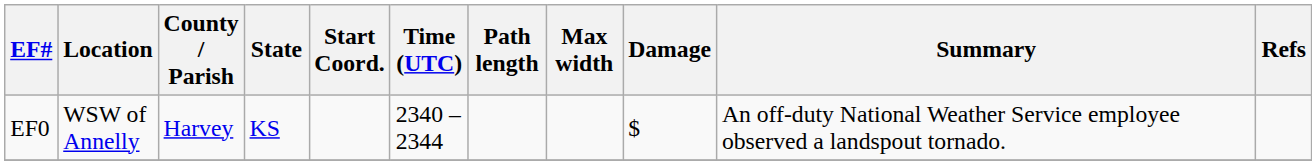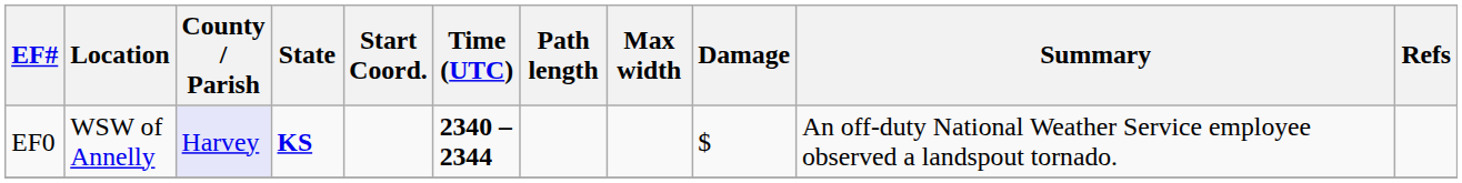 <table class="wikitable sortable" style="width:100%;">
 <tr>
 <th scope="col" width="3%" align="center"><a href='#'>EF#</a></th>
 <th scope="col" width="7%" align="center" class="unsortable">Location</th>
 <th scope="col" width="6%" align="center" class="unsortable">County / Parish</th>
 <th scope="col" width="5%" align="center">State</th>
 <th scope="col" width="6%" align="center">Start Coord.</th>
 <th scope="col" width="6%" align="center">Time (<a href='#'>UTC</a>)</th>
 <th scope="col" width="6%" align="center">Path length</th>
 <th scope="col" width="6%" align="center">Max width</th>
 <th scope="col" width="6%" align="center">Damage</th>
 <th scope="col" width="48%" class="unsortable" align="center">Summary</th>
 <th scope="col" width="48%" class="unsortable" align="center">Refs</th>
 </tr>
 <tr>
 <td>EF0</td>
 <td>WSW of <a href='#'>Annelly</a></td>
-<td><a href='#'>Harvey</a></td>
-<td><a href='#'>KS</a></td>
+<td style="background: lavender;"><a href='#'>Harvey</a></td>
+<td><strong><a href='#'>KS</a></strong></td>
 <td></td>
-<td>2340 – 2344</td>
+<td><strong>2340 – 2344</strong></td>
 <td></td>
 <td></td>
 <td>$</td>
 <td>An off-duty National Weather Service employee observed a landspout tornado.</td>
 <td></td>
 </tr>
 <tr>
 </tr>
 </table>
